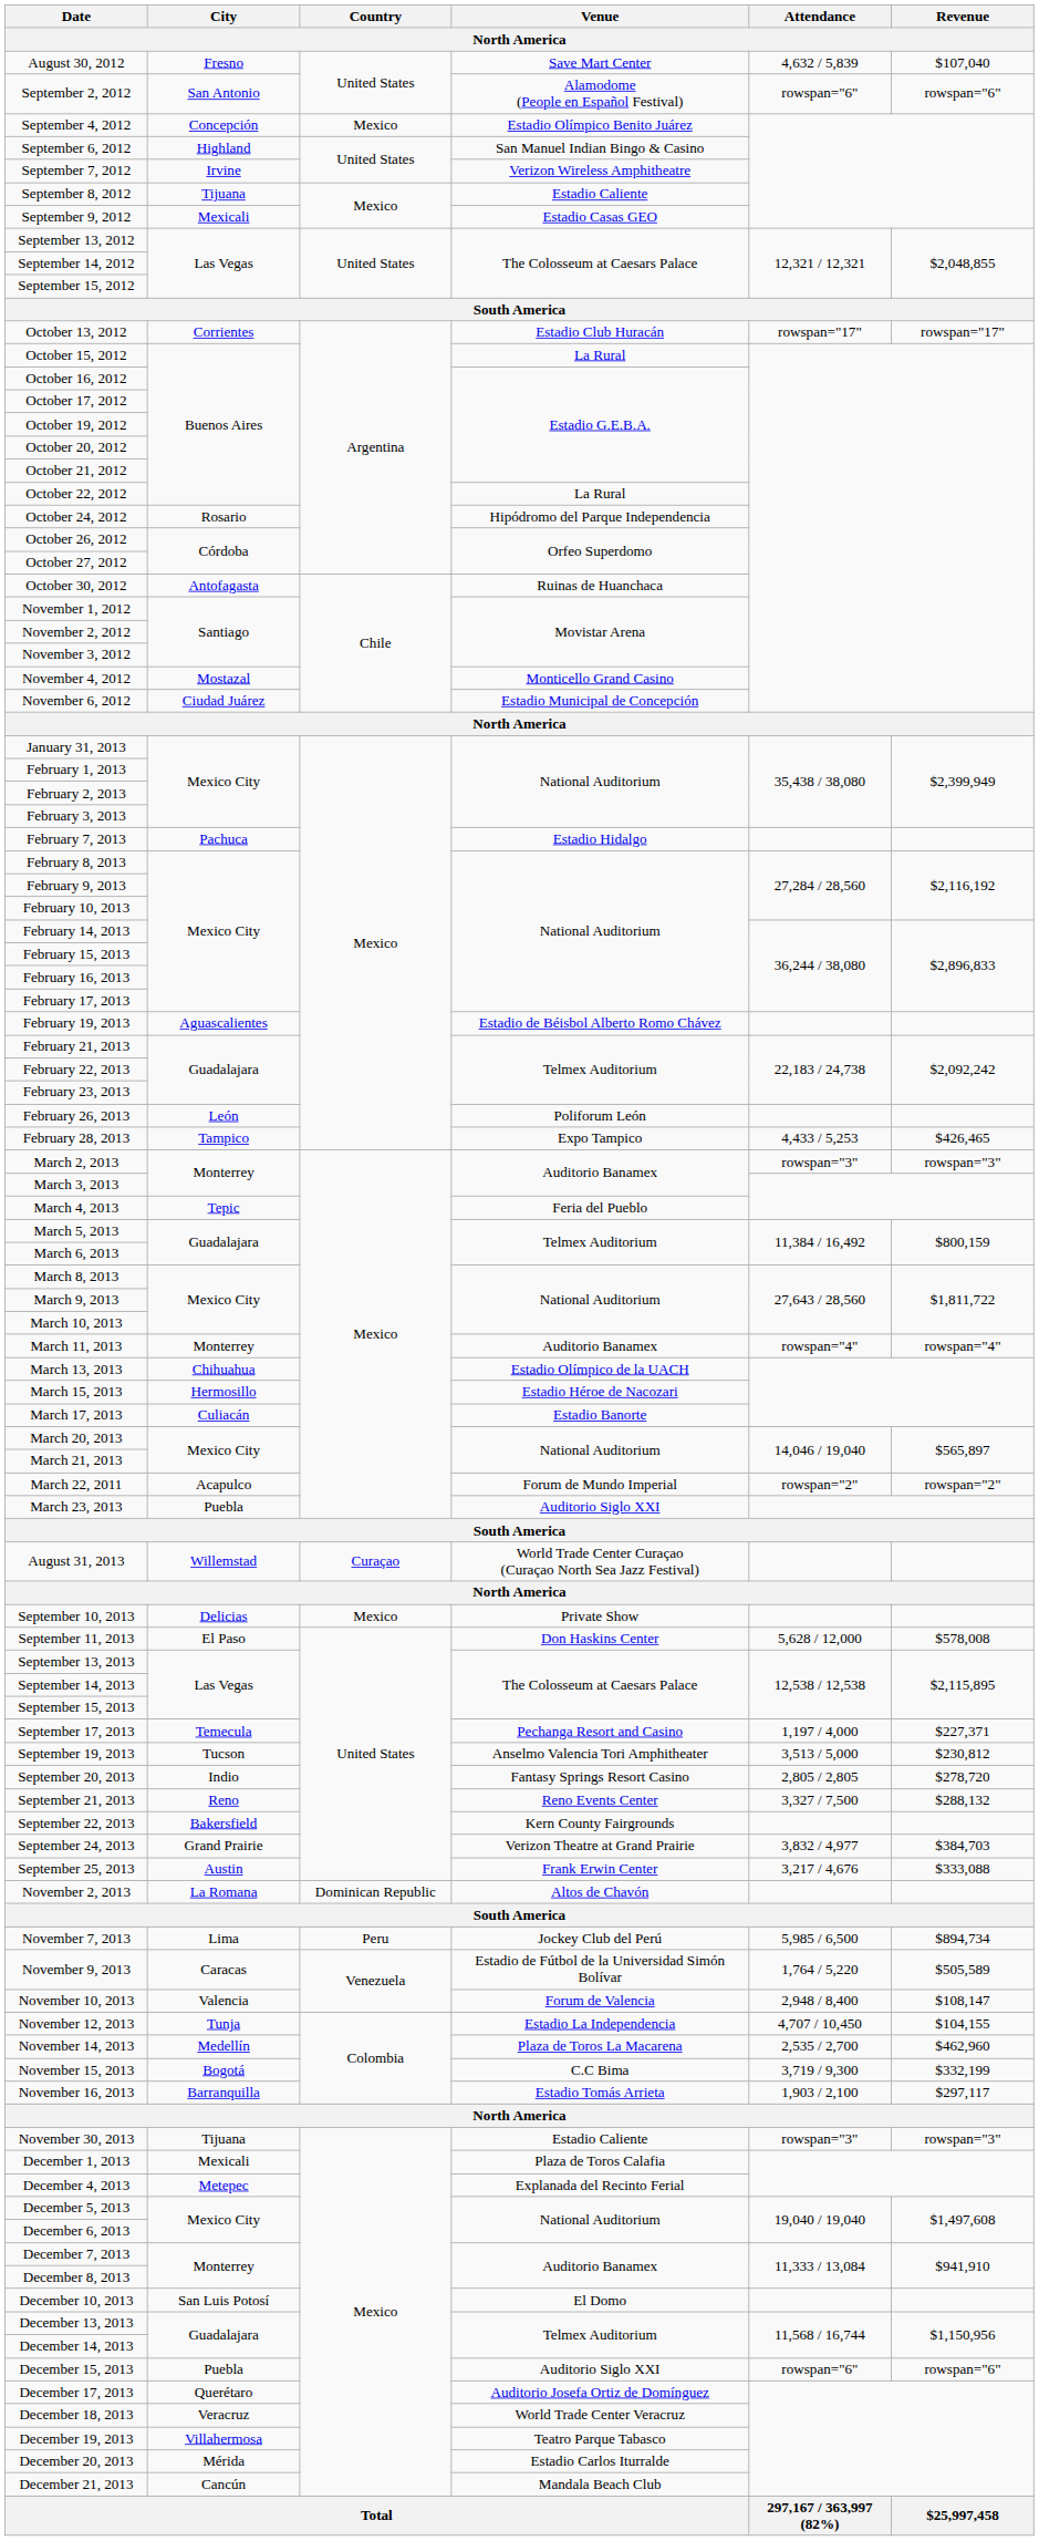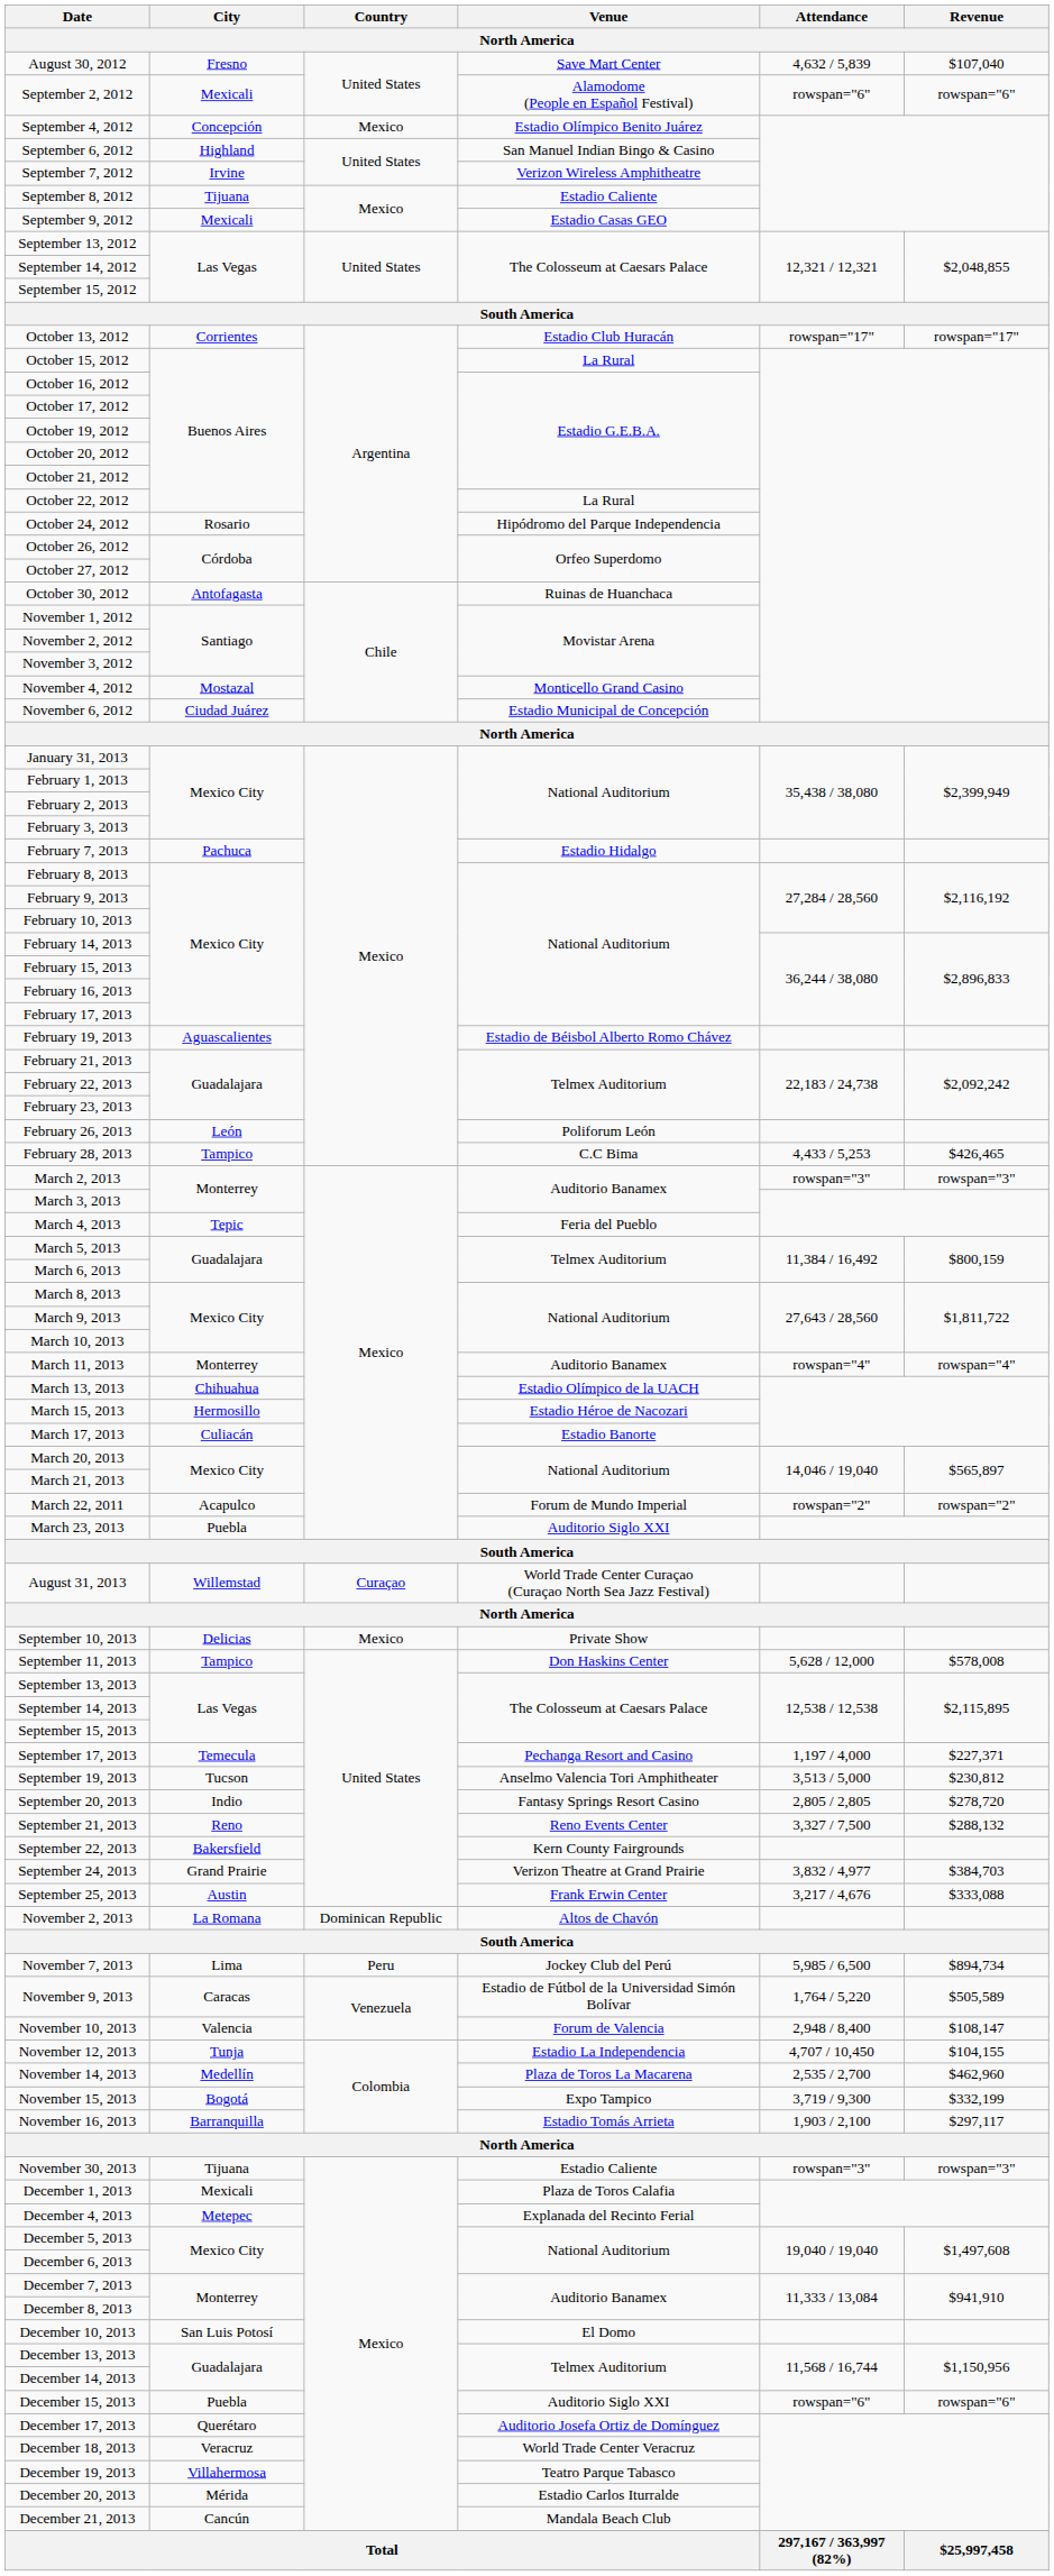 <table class="wikitable plainrowheaders" style="text-align:center;">
 <tr>
 <th width="150">Date</th>
 <th width="160">City</th>
 <th width="160">Country</th>
 <th width="320">Venue</th>
 <th width="150">Attendance</th>
 <th width="150">Revenue</th>
 </tr>
 <tr>
 <th colspan="7">North America</th>
 </tr>
 <tr>
 <td>August 30, 2012</td>
 <td><a href='#'>Fresno</a></td>
 <td rowspan="2">United States</td>
 <td><a href='#'>Save Mart Center</a></td>
 <td>4,632 / 5,839</td>
 <td>$107,040</td>
 </tr>
 <tr>
 <td>September 2, 2012</td>
-<td><a href='#'>San Antonio</a></td>
+<td><a href='#'>Mexicali</a></td>
 <td><a href='#'>Alamodome</a><br>(<a href='#'>People en Español</a> Festival)</td>
 <td>rowspan="6" </td>
 <td>rowspan="6" </td>
 </tr>
 <tr>
 <td>September 4, 2012</td>
 <td><a href='#'>Concepción</a></td>
 <td>Mexico</td>
 <td><a href='#'>Estadio Olímpico Benito Juárez</a></td>
 </tr>
 <tr>
 <td>September 6, 2012</td>
 <td><a href='#'>Highland</a></td>
 <td rowspan="2">United States</td>
 <td>San Manuel Indian Bingo & Casino</td>
 </tr>
 <tr>
 <td>September 7, 2012</td>
 <td><a href='#'>Irvine</a></td>
 <td><a href='#'>Verizon Wireless Amphitheatre</a></td>
 </tr>
 <tr>
 <td>September 8, 2012</td>
 <td><a href='#'>Tijuana</a></td>
 <td rowspan="2">Mexico</td>
 <td><a href='#'>Estadio Caliente</a></td>
 </tr>
 <tr>
 <td>September 9, 2012</td>
 <td><a href='#'>Mexicali</a></td>
 <td><a href='#'>Estadio Casas GEO</a></td>
 </tr>
 <tr>
 <td>September 13, 2012</td>
 <td rowspan="3">Las Vegas</td>
 <td rowspan="3">United States</td>
 <td rowspan="3">The Colosseum at Caesars Palace</td>
 <td rowspan="3">12,321 / 12,321</td>
 <td rowspan="3">$2,048,855</td>
 </tr>
 <tr>
 <td>September 14, 2012</td>
 </tr>
 <tr>
 <td>September 15, 2012</td>
 </tr>
 <tr>
 <th colspan="7">South America</th>
 </tr>
 <tr>
 <td>October 13, 2012</td>
 <td><a href='#'>Corrientes</a></td>
 <td rowspan="11">Argentina</td>
 <td><a href='#'>Estadio Club Huracán</a></td>
 <td>rowspan="17" </td>
 <td>rowspan="17" </td>
 </tr>
 <tr>
 <td>October 15, 2012</td>
 <td rowspan="7">Buenos Aires</td>
 <td><a href='#'>La Rural</a></td>
 </tr>
 <tr>
 <td>October 16, 2012</td>
 <td rowspan="5"><a href='#'>Estadio G.E.B.A.</a></td>
 </tr>
 <tr>
 <td>October 17, 2012</td>
 </tr>
 <tr>
 <td>October 19, 2012</td>
 </tr>
 <tr>
 <td>October 20, 2012</td>
 </tr>
 <tr>
 <td>October 21, 2012</td>
 </tr>
 <tr>
 <td>October 22, 2012</td>
 <td>La Rural</td>
 </tr>
 <tr>
 <td>October 24, 2012</td>
 <td>Rosario</td>
 <td>Hipódromo del Parque Independencia</td>
 </tr>
 <tr>
 <td>October 26, 2012</td>
 <td rowspan="2">Córdoba</td>
 <td rowspan="2">Orfeo Superdomo</td>
 </tr>
 <tr>
 <td>October 27, 2012</td>
 </tr>
 <tr>
 <td>October 30, 2012</td>
 <td><a href='#'>Antofagasta</a></td>
 <td rowspan="6">Chile</td>
 <td>Ruinas de Huanchaca</td>
 </tr>
 <tr>
 <td>November 1, 2012</td>
 <td rowspan="3">Santiago</td>
 <td rowspan="3">Movistar Arena</td>
 </tr>
 <tr>
 <td>November 2, 2012</td>
 </tr>
 <tr>
 <td>November 3, 2012</td>
 </tr>
 <tr>
 <td>November 4, 2012</td>
 <td><a href='#'>Mostazal</a></td>
 <td><a href='#'>Monticello Grand Casino</a></td>
 </tr>
 <tr>
 <td>November 6, 2012</td>
 <td><a href='#'>Ciudad Juárez</a></td>
 <td><a href='#'>Estadio Municipal de Concepción</a></td>
 </tr>
 <tr>
 <th colspan="7">North America</th>
 </tr>
 <tr>
 <td>January 31, 2013</td>
 <td rowspan="4">Mexico City</td>
 <td rowspan="18">Mexico</td>
 <td rowspan="4">National Auditorium</td>
 <td rowspan="4">35,438 / 38,080</td>
 <td rowspan="4">$2,399,949</td>
 </tr>
 <tr>
 <td>February 1, 2013</td>
 </tr>
 <tr>
 <td>February 2, 2013</td>
 </tr>
 <tr>
 <td>February 3, 2013</td>
 </tr>
 <tr>
 <td>February 7, 2013</td>
 <td><a href='#'>Pachuca</a></td>
 <td><a href='#'>Estadio Hidalgo</a></td>
 <td></td>
 <td></td>
 </tr>
 <tr>
 <td>February 8, 2013</td>
 <td rowspan="7">Mexico City</td>
 <td rowspan="7">National Auditorium</td>
 <td rowspan="3">27,284 / 28,560</td>
 <td rowspan="3">$2,116,192</td>
 </tr>
 <tr>
 <td>February 9, 2013</td>
 </tr>
 <tr>
 <td>February 10, 2013</td>
 </tr>
 <tr>
 <td>February 14, 2013</td>
 <td rowspan="4">36,244 / 38,080</td>
 <td rowspan="4">$2,896,833</td>
 </tr>
 <tr>
 <td>February 15, 2013</td>
 </tr>
 <tr>
 <td>February 16, 2013</td>
 </tr>
 <tr>
 <td>February 17, 2013</td>
 </tr>
 <tr>
 <td>February 19, 2013</td>
 <td><a href='#'>Aguascalientes</a></td>
 <td><a href='#'>Estadio de Béisbol Alberto Romo Chávez</a></td>
 <td></td>
 <td></td>
 </tr>
 <tr>
 <td>February 21, 2013</td>
 <td rowspan="3">Guadalajara</td>
 <td rowspan="3">Telmex Auditorium</td>
 <td rowspan="3">22,183 / 24,738</td>
 <td rowspan="3">$2,092,242</td>
 </tr>
 <tr>
 <td>February 22, 2013</td>
 </tr>
 <tr>
 <td>February 23, 2013</td>
 </tr>
 <tr>
 <td>February 26, 2013</td>
 <td><a href='#'>León</a></td>
 <td>Poliforum León</td>
 <td></td>
 <td></td>
 </tr>
 <tr>
 <td>February 28, 2013</td>
 <td><a href='#'>Tampico</a></td>
-<td>Expo Tampico</td>
+<td>C.C Bima</td>
 <td>4,433 / 5,253</td>
 <td>$426,465</td>
 </tr>
 <tr>
 <td>March 2, 2013</td>
 <td rowspan="2">Monterrey</td>
 <td rowspan="16">Mexico</td>
 <td rowspan="2">Auditorio Banamex</td>
 <td>rowspan="3" </td>
 <td>rowspan="3" </td>
 </tr>
 <tr>
 <td>March 3, 2013</td>
 </tr>
 <tr>
 <td>March 4, 2013</td>
 <td><a href='#'>Tepic</a></td>
 <td>Feria del Pueblo</td>
 </tr>
 <tr>
 <td>March 5, 2013</td>
 <td rowspan="2">Guadalajara</td>
 <td rowspan="2">Telmex Auditorium</td>
 <td rowspan="2">11,384 / 16,492</td>
 <td rowspan="2">$800,159</td>
 </tr>
 <tr>
 <td>March 6, 2013</td>
 </tr>
 <tr>
 <td>March 8, 2013</td>
 <td rowspan="3">Mexico City</td>
 <td rowspan="3">National Auditorium</td>
 <td rowspan="3">27,643 / 28,560</td>
 <td rowspan="3">$1,811,722</td>
 </tr>
 <tr>
 <td>March 9, 2013</td>
 </tr>
 <tr>
 <td>March 10, 2013</td>
 </tr>
 <tr>
 <td>March 11, 2013</td>
 <td>Monterrey</td>
 <td>Auditorio Banamex</td>
 <td>rowspan="4" </td>
 <td>rowspan="4" </td>
 </tr>
 <tr>
 <td>March 13, 2013</td>
 <td><a href='#'>Chihuahua</a></td>
 <td><a href='#'>Estadio Olímpico de la UACH</a></td>
 </tr>
 <tr>
 <td>March 15, 2013</td>
 <td><a href='#'>Hermosillo</a></td>
 <td><a href='#'>Estadio Héroe de Nacozari</a></td>
 </tr>
 <tr>
 <td>March 17, 2013</td>
 <td><a href='#'>Culiacán</a></td>
 <td><a href='#'>Estadio Banorte</a></td>
 </tr>
 <tr>
 <td>March 20, 2013</td>
 <td rowspan="2">Mexico City</td>
 <td rowspan="2">National Auditorium</td>
 <td rowspan="2">14,046 / 19,040</td>
 <td rowspan="2">$565,897</td>
 </tr>
 <tr>
 <td>March 21, 2013</td>
 </tr>
 <tr>
 <td>March 22, 2011</td>
 <td>Acapulco</td>
 <td>Forum de Mundo Imperial</td>
 <td>rowspan="2" </td>
 <td>rowspan="2" </td>
 </tr>
 <tr>
 <td>March 23, 2013</td>
 <td>Puebla</td>
 <td><a href='#'>Auditorio Siglo XXI</a></td>
 </tr>
 <tr>
 <th colspan="7">South America</th>
 </tr>
 <tr>
 <td>August 31, 2013</td>
 <td><a href='#'>Willemstad</a></td>
 <td><a href='#'>Curaçao</a></td>
 <td>World Trade Center Curaçao<br>(Curaçao North Sea Jazz Festival)</td>
 <td></td>
 <td></td>
 </tr>
 <tr>
 <th colspan="7">North America</th>
 </tr>
 <tr>
 <td>September 10, 2013</td>
 <td><a href='#'>Delicias</a></td>
 <td>Mexico</td>
 <td>Private Show</td>
 <td></td>
 <td></td>
 </tr>
 <tr>
 <td>September 11, 2013</td>
-<td>El Paso</td>
+<td><a href='#'>Tampico</a></td>
 <td rowspan="11">United States</td>
 <td><a href='#'>Don Haskins Center</a></td>
 <td>5,628 / 12,000</td>
 <td>$578,008</td>
 </tr>
 <tr>
 <td>September 13, 2013</td>
 <td rowspan="3">Las Vegas</td>
 <td rowspan="3">The Colosseum at Caesars Palace</td>
 <td rowspan="3">12,538 / 12,538</td>
 <td rowspan="3">$2,115,895</td>
 </tr>
 <tr>
 <td>September 14, 2013</td>
 </tr>
 <tr>
 <td>September 15, 2013</td>
 </tr>
 <tr>
 <td>September 17, 2013</td>
 <td><a href='#'>Temecula</a></td>
 <td><a href='#'>Pechanga Resort and Casino</a></td>
 <td>1,197 / 4,000</td>
 <td>$227,371</td>
 </tr>
 <tr>
 <td>September 19, 2013</td>
 <td>Tucson</td>
 <td>Anselmo Valencia Tori Amphitheater</td>
 <td>3,513 / 5,000</td>
 <td>$230,812</td>
 </tr>
 <tr>
 <td>September 20, 2013</td>
 <td>Indio</td>
 <td>Fantasy Springs Resort Casino</td>
 <td>2,805 / 2,805</td>
 <td>$278,720</td>
 </tr>
 <tr>
 <td>September 21, 2013</td>
 <td><a href='#'>Reno</a></td>
 <td><a href='#'>Reno Events Center</a></td>
 <td>3,327 / 7,500</td>
 <td>$288,132</td>
 </tr>
 <tr>
 <td>September 22, 2013</td>
 <td><a href='#'>Bakersfield</a></td>
 <td>Kern County Fairgrounds</td>
 <td></td>
 <td></td>
 </tr>
 <tr>
 <td>September 24, 2013</td>
 <td>Grand Prairie</td>
 <td>Verizon Theatre at Grand Prairie</td>
 <td>3,832 / 4,977</td>
 <td>$384,703</td>
 </tr>
 <tr>
 <td>September 25, 2013</td>
 <td><a href='#'>Austin</a></td>
 <td><a href='#'>Frank Erwin Center</a></td>
 <td>3,217 / 4,676</td>
 <td>$333,088</td>
 </tr>
 <tr>
 <td>November 2, 2013</td>
 <td><a href='#'>La Romana</a></td>
 <td>Dominican Republic</td>
 <td><a href='#'>Altos de Chavón</a></td>
 <td></td>
 <td></td>
 </tr>
 <tr>
 <th colspan="7">South America</th>
 </tr>
 <tr>
 <td>November 7, 2013</td>
 <td>Lima</td>
 <td>Peru</td>
 <td>Jockey Club del Perú</td>
 <td>5,985 / 6,500</td>
 <td>$894,734</td>
 </tr>
 <tr>
 <td>November 9, 2013</td>
 <td>Caracas</td>
 <td rowspan="2">Venezuela</td>
 <td>Estadio de Fútbol de la Universidad Simón Bolívar</td>
 <td>1,764 / 5,220</td>
 <td>$505,589</td>
 </tr>
 <tr>
 <td>November 10, 2013</td>
 <td>Valencia</td>
 <td><a href='#'>Forum de Valencia</a></td>
 <td>2,948 / 8,400</td>
 <td>$108,147</td>
 </tr>
 <tr>
 <td>November 12, 2013</td>
 <td><a href='#'>Tunja</a></td>
 <td rowspan="4">Colombia</td>
 <td><a href='#'>Estadio La Independencia</a></td>
 <td>4,707 / 10,450</td>
 <td>$104,155</td>
 </tr>
 <tr>
 <td>November 14, 2013</td>
 <td><a href='#'>Medellín</a></td>
 <td><a href='#'>Plaza de Toros La Macarena</a></td>
 <td>2,535 / 2,700</td>
 <td>$462,960</td>
 </tr>
 <tr>
 <td>November 15, 2013</td>
 <td><a href='#'>Bogotá</a></td>
-<td>C.C Bima</td>
+<td>Expo Tampico</td>
 <td>3,719 / 9,300</td>
 <td>$332,199</td>
 </tr>
 <tr>
 <td>November 16, 2013</td>
 <td><a href='#'>Barranquilla</a></td>
 <td><a href='#'>Estadio Tomás Arrieta</a></td>
 <td>1,903 / 2,100</td>
 <td>$297,117</td>
 </tr>
 <tr>
 <th colspan="7">North America</th>
 </tr>
 <tr>
 <td>November 30, 2013</td>
 <td>Tijuana</td>
 <td rowspan="16">Mexico</td>
 <td>Estadio Caliente</td>
 <td>rowspan="3" </td>
 <td>rowspan="3" </td>
 </tr>
 <tr>
 <td>December 1, 2013</td>
 <td>Mexicali</td>
 <td>Plaza de Toros Calafia</td>
 </tr>
 <tr>
 <td>December 4, 2013</td>
 <td><a href='#'>Metepec</a></td>
 <td>Explanada del Recinto Ferial</td>
 </tr>
 <tr>
 <td>December 5, 2013</td>
 <td rowspan="2">Mexico City</td>
 <td rowspan="2">National Auditorium</td>
 <td rowspan="2">19,040 / 19,040</td>
 <td rowspan="2">$1,497,608</td>
 </tr>
 <tr>
 <td>December 6, 2013</td>
 </tr>
 <tr>
 <td>December 7, 2013</td>
 <td rowspan="2">Monterrey</td>
 <td rowspan="2">Auditorio Banamex</td>
 <td rowspan="2">11,333 / 13,084</td>
 <td rowspan="2">$941,910</td>
 </tr>
 <tr>
 <td>December 8, 2013</td>
 </tr>
 <tr>
 <td>December 10, 2013</td>
 <td>San Luis Potosí</td>
 <td>El Domo</td>
 <td></td>
 <td></td>
 </tr>
 <tr>
 <td>December 13, 2013</td>
 <td rowspan="2">Guadalajara</td>
 <td rowspan="2">Telmex Auditorium</td>
 <td rowspan="2">11,568 / 16,744</td>
 <td rowspan="2">$1,150,956</td>
 </tr>
 <tr>
 <td>December 14, 2013</td>
 </tr>
 <tr>
 <td>December 15, 2013</td>
 <td>Puebla</td>
 <td>Auditorio Siglo XXI</td>
 <td>rowspan="6" </td>
 <td>rowspan="6" </td>
 </tr>
 <tr>
 <td>December 17, 2013</td>
 <td>Querétaro</td>
 <td><a href='#'>Auditorio Josefa Ortiz de Domínguez</a></td>
 </tr>
 <tr>
 <td>December 18, 2013</td>
 <td>Veracruz</td>
 <td>World Trade Center Veracruz</td>
 </tr>
 <tr>
 <td>December 19, 2013</td>
 <td><a href='#'>Villahermosa</a></td>
 <td>Teatro Parque Tabasco</td>
 </tr>
 <tr>
 <td>December 20, 2013</td>
 <td>Mérida</td>
 <td>Estadio Carlos Iturralde</td>
 </tr>
 <tr>
 <td>December 21, 2013</td>
 <td>Cancún</td>
 <td>Mandala Beach Club</td>
 </tr>
 <tr>
 <th colspan="4">Total</th>
 <th>297,167 / 363,997 (82%)</th>
 <th>$25,997,458</th>
 </tr>
 </table>
